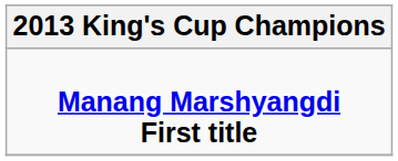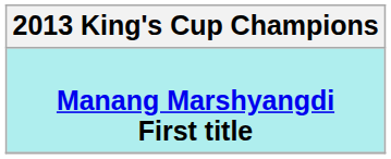 <table class="wikitable" style="text-align: center; margin: 0 auto;">
 <tr>
 <th>2013 King's Cup Champions</th>
 </tr>
 <tr>
-<td> <br> <strong><a href='#'>Manang Marshyangdi</a></strong> <br> <strong>First title</strong></td>
+<td style="background: paleturquoise;"> <br> <strong><a href='#'>Manang Marshyangdi</a></strong> <br> <strong>First title</strong></td>
 </tr>
 <tr>
 </tr>
 </table>
